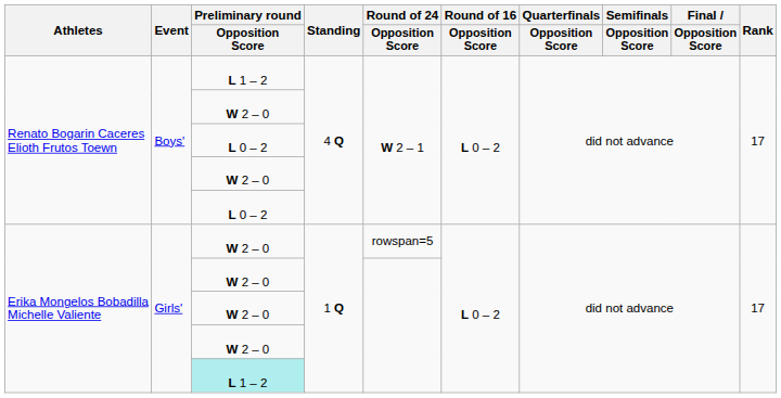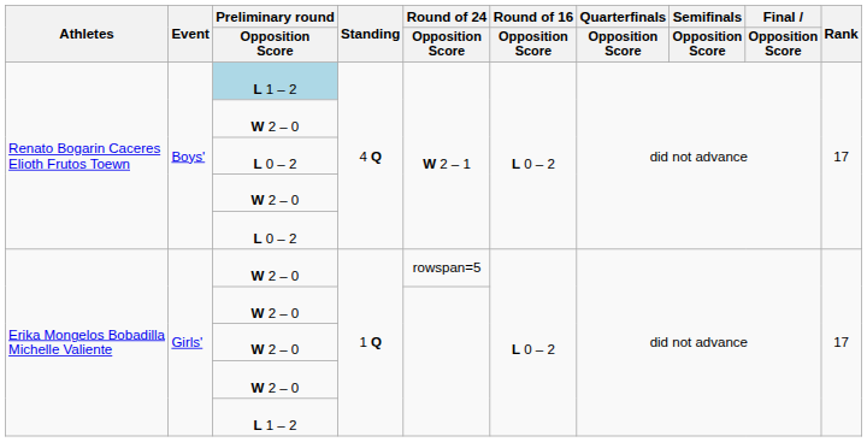 <table class=wikitable style="font-size:90%">
 <tr>
 <th rowspan="2">Athletes</th>
 <th rowspan="2">Event</th>
 <th>Preliminary round</th>
 <th rowspan="2">Standing</th>
 <th>Round of 24</th>
 <th>Round of 16</th>
 <th>Quarterfinals</th>
 <th>Semifinals</th>
 <th>Final / </th>
 <th rowspan=2>Rank</th>
 </tr>
 <tr style="font-size:95%">
 <th>Opposition<br>Score</th>
 <th>Opposition<br>Score</th>
 <th>Opposition<br>Score</th>
 <th>Opposition<br>Score</th>
 <th>Opposition<br>Score</th>
 <th>Opposition<br>Score</th>
 </tr>
 <tr align=center>
 <td align=left rowspan=5><a href='#'>Renato Bogarin Caceres</a><br><a href='#'>Elioth Frutos Toewn</a></td>
 <td align=left rowspan=5><a href='#'>Boys'</a></td>
-<td><br><strong>L</strong> 1 – 2</td>
+<td style="background: lightblue;"><br><strong>L</strong> 1 – 2</td>
 <td rowspan=5>4 <strong>Q</strong></td>
 <td rowspan=5><br><strong>W</strong> 2 – 1</td>
 <td rowspan=5><br><strong>L</strong> 0 – 2</td>
 <td rowspan=5 colspan=3>did not advance</td>
 <td rowspan=5>17</td>
 </tr>
 <tr align=center>
 <td><br><strong>W</strong> 2 – 0</td>
 </tr>
 <tr align=center>
 <td><br><strong>L</strong> 0 – 2</td>
 </tr>
 <tr align=center>
 <td><br><strong>W</strong> 2 – 0</td>
 </tr>
 <tr align=center>
 <td><br><strong>L</strong> 0 – 2</td>
 </tr>
 <tr align=center>
 <td align=left rowspan=5><a href='#'>Erika Mongelos Bobadilla</a><br><a href='#'>Michelle Valiente</a></td>
 <td align=left rowspan=5><a href='#'>Girls'</a></td>
 <td><br><strong>W</strong> 2 – 0</td>
 <td rowspan=5>1 <strong>Q</strong></td>
 <td>rowspan=5 </td>
 <td rowspan=5><br><strong>L</strong> 0 – 2</td>
 <td rowspan=5 colspan=3>did not advance</td>
 <td rowspan=5>17</td>
 </tr>
 <tr align=center>
 <td><br><strong>W</strong> 2 – 0</td>
 </tr>
 <tr align=center>
 <td><br><strong>W</strong> 2 – 0</td>
 </tr>
 <tr align=center>
 <td><br><strong>W</strong> 2 – 0</td>
 </tr>
 <tr align=center>
-<td style="background: paleturquoise;"><br><strong>L</strong> 1 – 2</td>
+<td><br><strong>L</strong> 1 – 2</td>
 </tr>
 </table>
